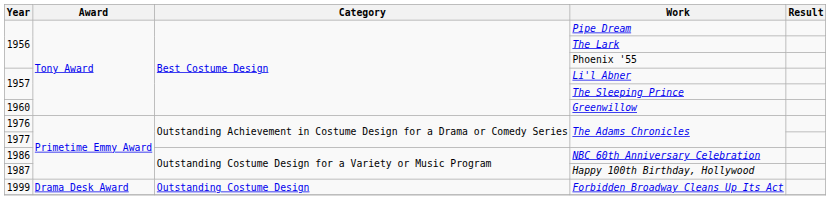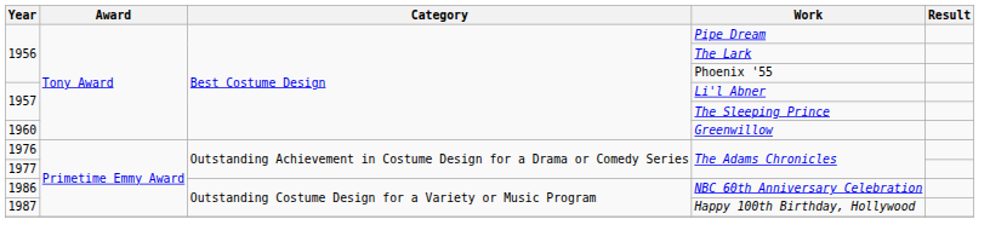 <table class="wikitable">
 <tr>
 <th>Year</th>
 <th>Award</th>
 <th>Category</th>
 <th>Work</th>
 <th>Result</th>
 </tr>
 <tr>
 <td rowspan=3>1956</td>
 <td rowspan=6><a href='#'>Tony Award</a></td>
 <td rowspan=6><a href='#'>Best Costume Design</a></td>
 <td><em><a href='#'>Pipe Dream</a></em></td>
 <td></td>
 </tr>
 <tr>
 <td><em><a href='#'>The Lark</a></em></td>
 <td></td>
 </tr>
 <tr>
 <td>Phoenix '55</td>
 <td></td>
 </tr>
 <tr>
 <td rowspan=2>1957</td>
 <td><em><a href='#'>Li'l Abner</a></em></td>
 <td></td>
 </tr>
 <tr>
 <td><em><a href='#'>The Sleeping Prince</a></em></td>
 <td></td>
 </tr>
 <tr>
 <td>1960</td>
 <td><em><a href='#'>Greenwillow</a></em></td>
 <td></td>
 </tr>
 <tr>
 <td>1976</td>
 <td rowspan=4><a href='#'>Primetime Emmy Award</a></td>
 <td rowspan=2>Outstanding Achievement in Costume Design for a Drama or Comedy Series</td>
 <td rowspan=2><em><a href='#'>The Adams Chronicles</a></em></td>
 <td></td>
 </tr>
 <tr>
 <td>1977</td>
 <td></td>
 </tr>
 <tr>
 <td>1986</td>
 <td rowspan=2>Outstanding Costume Design for a Variety or Music Program</td>
 <td><em><a href='#'>NBC 60th Anniversary Celebration</a></em></td>
 <td></td>
 </tr>
 <tr>
 <td>1987</td>
 <td><em>Happy 100th Birthday, Hollywood</em></td>
 <td></td>
 </tr>
 <tr>
-<td>1999</td>
-<td><a href='#'>Drama Desk Award</a></td>
-<td><a href='#'>Outstanding Costume Design</a></td>
-<td><em><a href='#'>Forbidden Broadway Cleans Up Its Act</a></em></td>
-<td></td>
-</tr>
-<tr>
 </tr>
 </table>
